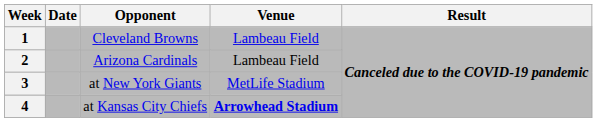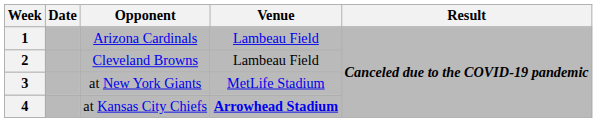 <table class="wikitable" style="text-align:center">
 <tr>
 <th>Week</th>
 <th>Date</th>
 <th>Opponent</th>
 <th>Venue</th>
 <th>Result</th>
 </tr>
 <tr style="background:#bababa">
 <th>1</th>
 <td></td>
-<td><a href='#'>Cleveland Browns</a></td>
+<td><a href='#'>Arizona Cardinals</a></td>
 <td><a href='#'>Lambeau Field</a></td>
 <td rowspan="4"><strong><em>Canceled due to the COVID-19 pandemic</em></strong></td>
 </tr>
 <tr style="background:#bababa">
 <th>2</th>
 <td></td>
-<td><a href='#'>Arizona Cardinals</a></td>
+<td><a href='#'>Cleveland Browns</a></td>
 <td>Lambeau Field</td>
 </tr>
 <tr style="background:#bababa">
 <th>3</th>
 <td></td>
 <td>at <a href='#'>New York Giants</a></td>
 <td><a href='#'>MetLife Stadium</a></td>
 </tr>
 <tr style="background:#bababa">
 <th>4</th>
 <td></td>
 <td>at <a href='#'>Kansas City Chiefs</a></td>
 <td><strong><a href='#'>Arrowhead Stadium</a></strong></td>
 </tr>
 </table>
